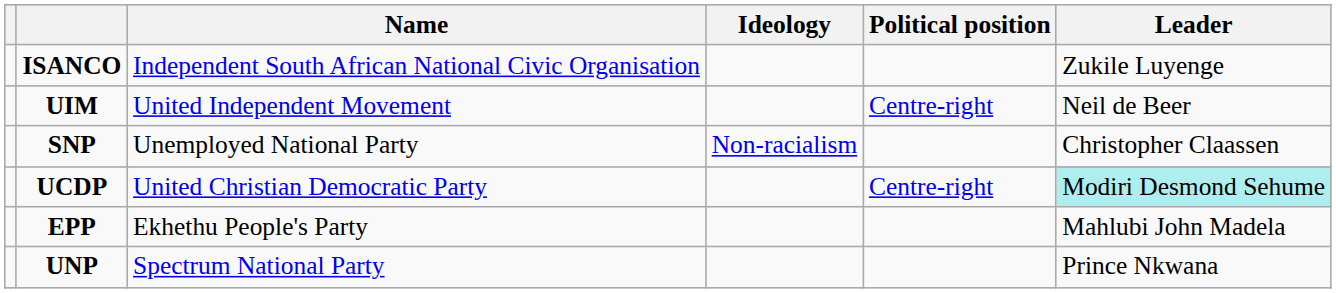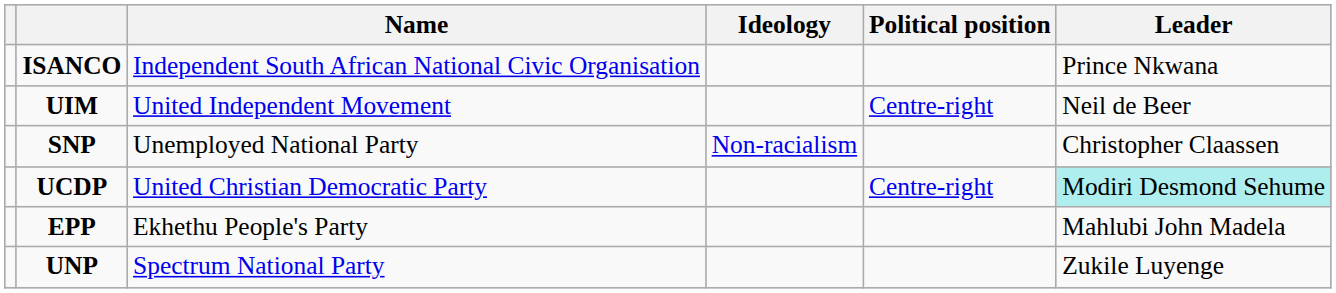 <table class="wikitable">
 <tr>
 <th></th>
 <th></th>
 <th>Name</th>
 <th>Ideology</th>
 <th>Political position</th>
 <th>Leader</th>
 </tr>
 <tr>
 <td style="background:"></td>
 <td style="text-align:center;"><strong>ISANCO</strong></td>
 <td><a href='#'>Independent South African National Civic Organisation</a></td>
 <td></td>
 <td></td>
-<td>Zukile Luyenge</td>
+<td>Prince Nkwana</td>
 </tr>
 <tr>
 <td style="background:"></td>
 <td style="text-align:center;"><strong>UIM</strong></td>
 <td><a href='#'>United Independent Movement</a></td>
 <td></td>
 <td><a href='#'>Centre-right</a></td>
 <td>Neil de Beer</td>
 </tr>
 <tr>
 <td style="background:"></td>
 <td style="text-align:center;"><strong>SNP</strong></td>
 <td>Unemployed National Party</td>
 <td><a href='#'>Non-racialism</a></td>
 <td></td>
 <td>Christopher Claassen</td>
 </tr>
 <tr>
 <td style="background:"></td>
 <td style="text-align:center;"><strong>UCDP</strong></td>
 <td><a href='#'>United Christian Democratic Party</a></td>
 <td></td>
 <td><a href='#'>Centre-right</a></td>
 <td style="background: paleturquoise;">Modiri Desmond Sehume</td>
 </tr>
 <tr>
 <td style="background:"></td>
 <td style="text-align:center;"><strong>EPP</strong></td>
 <td>Ekhethu People's Party</td>
 <td></td>
 <td></td>
 <td>Mahlubi John Madela</td>
 </tr>
 <tr>
 <td style="background:"></td>
 <td style="text-align:center;"><strong>UNP</strong></td>
 <td><a href='#'>Spectrum National Party</a></td>
 <td></td>
 <td></td>
-<td>Prince Nkwana</td>
+<td>Zukile Luyenge</td>
 </tr>
 </table>
